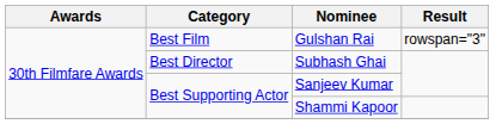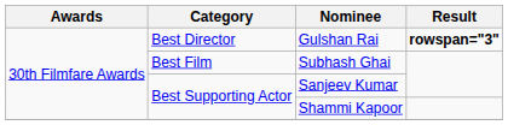 <table class =wikitable>
 <tr>
 <th>Awards</th>
 <th>Category</th>
 <th>Nominee</th>
 <th>Result</th>
 </tr>
 <tr>
 <td rowspan="4"><a href='#'>30th Filmfare Awards</a></td>
-<td><a href='#'>Best Film</a></td>
+<td><a href='#'>Best Director</a></td>
 <td><a href='#'>Gulshan Rai</a></td>
-<td>rowspan="3"</td>
+<td><strong>rowspan="3"</strong></td>
 </tr>
 <tr>
-<td><a href='#'>Best Director</a></td>
+<td><a href='#'>Best Film</a></td>
 <td><a href='#'>Subhash Ghai</a></td>
 </tr>
 <tr>
 <td rowspan="2"><a href='#'>Best Supporting Actor</a></td>
 <td><a href='#'>Sanjeev Kumar</a></td>
 </tr>
 <tr>
 <td><a href='#'>Shammi Kapoor</a></td>
 <td></td>
 </tr>
 <tr>
 </tr>
 </table>
